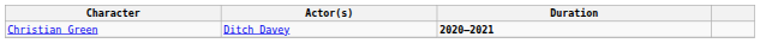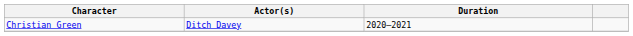 <table class=wikitable>
 <tr>
 <th width=275>Character</th>
 <th width=275>Actor(s)</th>
 <th width=350>Duration</th>
 <th width=50 class=unsortable></th>
 </tr>
 <tr>
 <td><a href='#'>Christian Green</a></td>
 <td><a href='#'>Ditch Davey</a></td>
-<td><strong>2020–2021</strong></td>
+<td>2020–2021</td>
 <td></td>
 </tr>
 <tr>
 </tr>
 </table>
